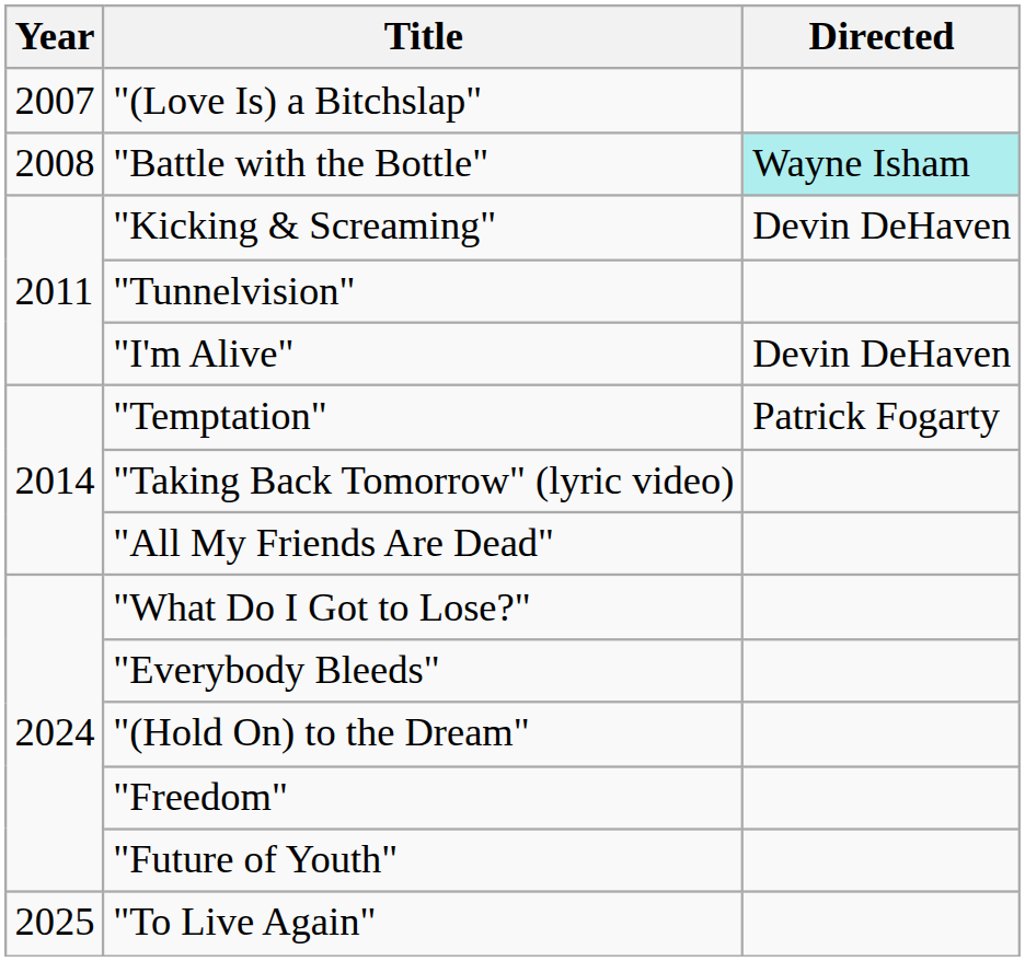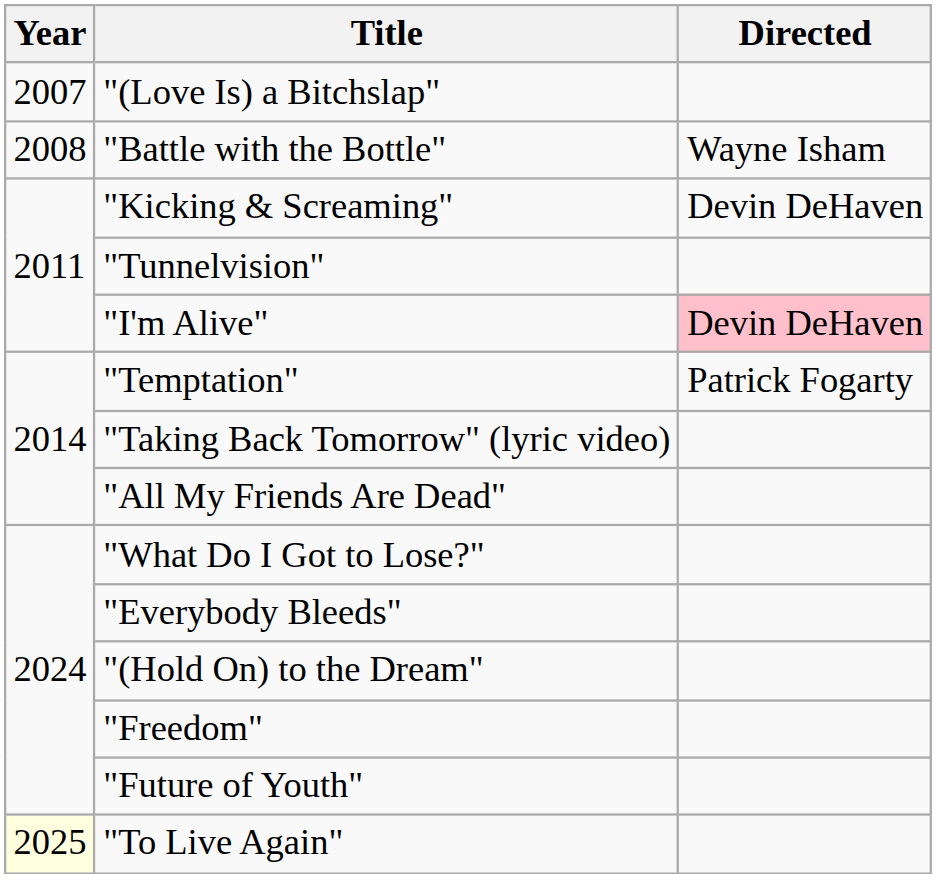 <table class="wikitable">
 <tr>
 <th>Year</th>
 <th>Title</th>
 <th>Directed</th>
 </tr>
 <tr>
 <td>2007</td>
 <td>"(Love Is) a Bitchslap"</td>
 <td></td>
 </tr>
 <tr>
 <td>2008</td>
 <td>"Battle with the Bottle"</td>
-<td style="background: paleturquoise;">Wayne Isham</td>
+<td>Wayne Isham</td>
 </tr>
 <tr>
 <td rowspan="3">2011</td>
 <td>"Kicking & Screaming"</td>
 <td>Devin DeHaven</td>
 </tr>
 <tr>
 <td>"Tunnelvision"</td>
 <td></td>
 </tr>
 <tr>
 <td>"I'm Alive"</td>
-<td>Devin DeHaven</td>
+<td style="background: pink;">Devin DeHaven</td>
 </tr>
 <tr>
 <td rowspan="3">2014</td>
 <td>"Temptation"</td>
 <td>Patrick Fogarty</td>
 </tr>
 <tr>
 <td>"Taking Back Tomorrow" (lyric video)</td>
 <td></td>
 </tr>
 <tr>
 <td>"All My Friends Are Dead"</td>
 <td></td>
 </tr>
 <tr>
 <td rowspan="5">2024</td>
 <td>"What Do I Got to Lose?"</td>
 <td></td>
 </tr>
 <tr>
 <td>"Everybody Bleeds"</td>
 <td></td>
 </tr>
 <tr>
 <td>"(Hold On) to the Dream"</td>
 <td></td>
 </tr>
 <tr>
 <td>"Freedom"</td>
 <td></td>
 </tr>
 <tr>
 <td>"Future of Youth"</td>
 <td></td>
 </tr>
 <tr>
-<td rowspan="1">2025</td>
+<td rowspan="1" style="background: lightyellow;">2025</td>
 <td>"To Live Again"</td>
 <td></td>
 </tr>
 <tr>
 </tr>
 </table>
